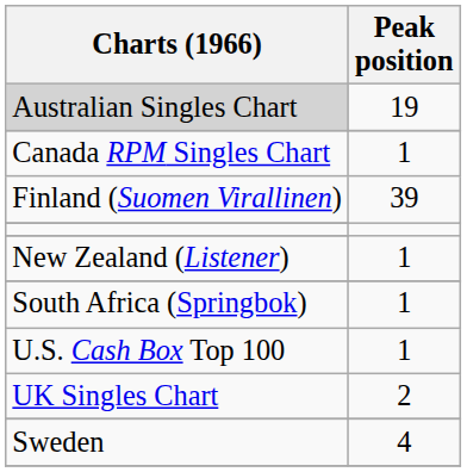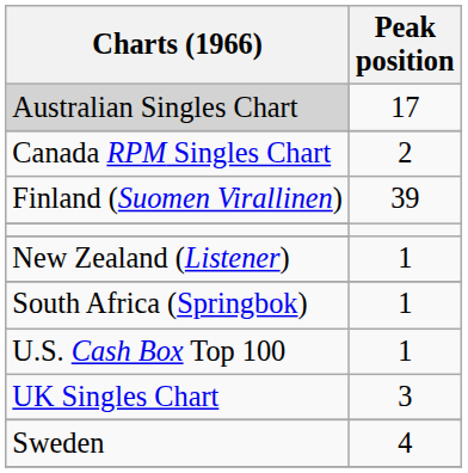 <table class="wikitable sortable">
 <tr>
 <th>Charts (1966)</th>
 <th>Peak<br>position</th>
 </tr>
 <tr>
 <td align="left" style="background: lightgrey;">Australian Singles Chart</td>
-<td style="text-align:center;">19</td>
+<td style="text-align:center;">17</td>
 </tr>
 <tr>
 </tr>
 <tr>
 </tr>
 <tr>
 </tr>
 <tr>
 <td align="left">Canada <a href='#'><em>RPM</em> Singles Chart</a></td>
-<td style="text-align:center;">1</td>
+<td style="text-align:center;">2</td>
 </tr>
 <tr>
 <td>Finland (<a href='#'><em>Suomen Virallinen</em></a>)</td>
 <td style="text-align:center;">39</td>
 </tr>
 <tr>
 </tr>
 <tr>
 <td></td>
 </tr>
 <tr>
 </tr>
 <tr>
 <td>New Zealand (<em><a href='#'>Listener</a></em>)</td>
 <td style="text-align:center;">1</td>
 </tr>
 <tr>
 </tr>
 <tr>
 <td>South Africa (<a href='#'>Springbok</a>)</td>
 <td align="center">1</td>
 </tr>
 <tr>
 <td>U.S. <a href='#'><em>Cash Box</em></a> Top 100</td>
 <td style="text-align:center;">1</td>
 </tr>
 <tr>
 <td align="left"><a href='#'>UK Singles Chart</a></td>
-<td style="text-align:center;">2</td>
+<td style="text-align:center;">3</td>
 </tr>
 <tr>
 </tr>
 <tr>
 <td>Sweden</td>
 <td align="center">4</td>
 </tr>
 <tr>
 </tr>
 </table>
